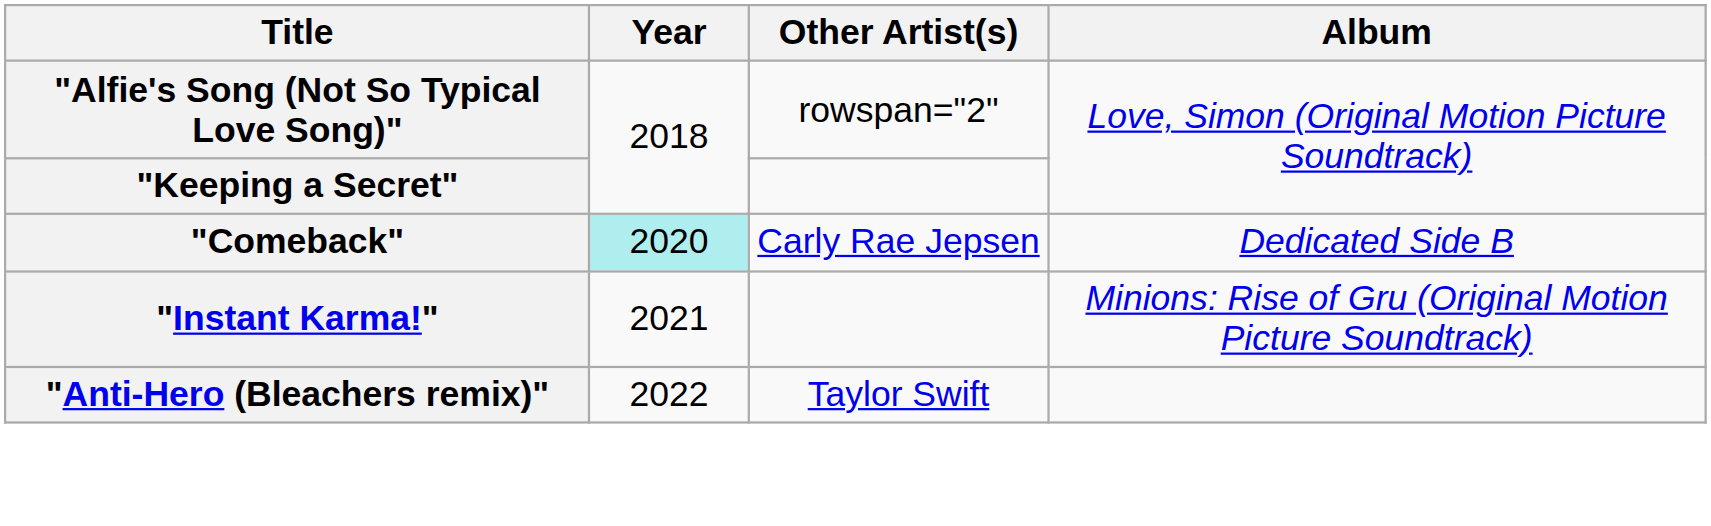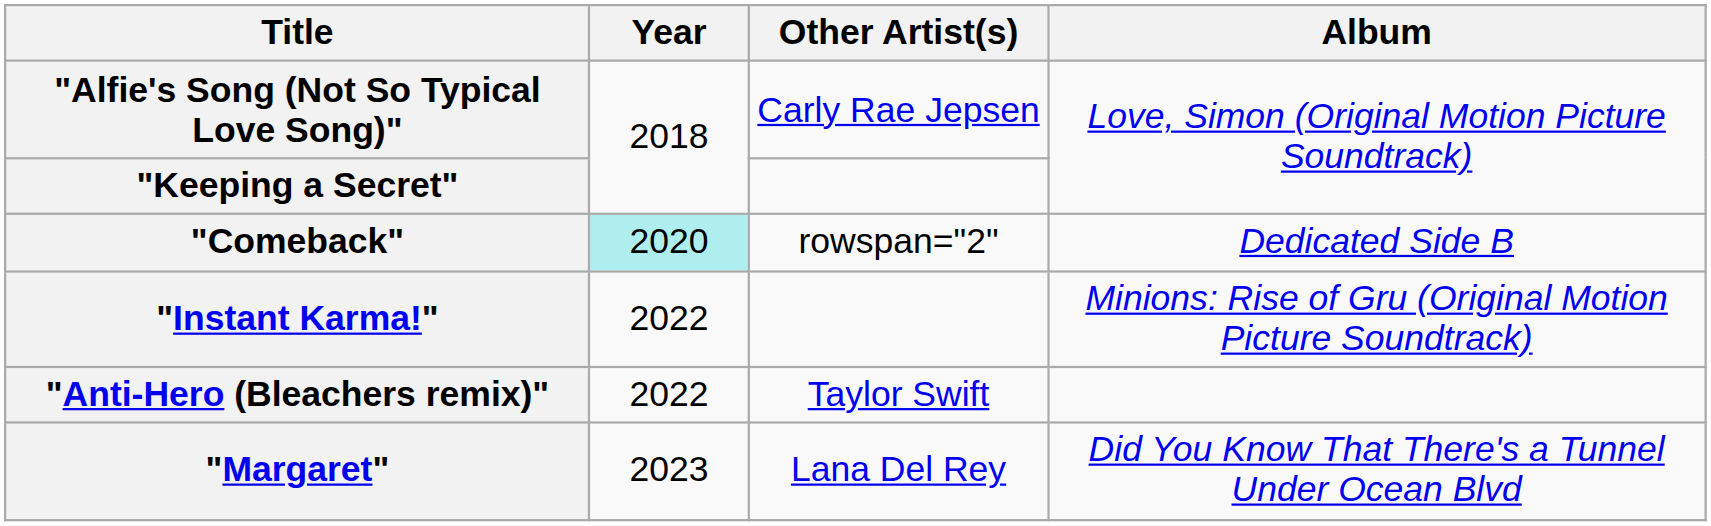 <table class="wikitable plainrowheaders" style="text-align:center;" border="1">
 <tr>
 <th scope="col"  style="width:16em;">Title</th>
 <th scope="col" style="width:4em;">Year</th>
 <th scope="col" style="width:8em;">Other Artist(s)</th>
 <th scope="col" style="width:18em;">Album</th>
 </tr>
 <tr>
 <th scope="row">"Alfie's Song (Not So Typical Love Song)"</th>
 <td rowspan="2">2018</td>
-<td>rowspan="2" </td>
+<td><a href='#'>Carly Rae Jepsen</a></td>
 <td rowspan="2"><em><a href='#'>Love, Simon (Original Motion Picture Soundtrack)</a></em></td>
 </tr>
 <tr>
 <th scope="row">"Keeping a Secret"</th>
 </tr>
 <tr>
 <th scope="row">"Comeback"</th>
 <td style="background: paleturquoise;">2020</td>
-<td><a href='#'>Carly Rae Jepsen</a></td>
+<td>rowspan="2" </td>
 <td><em><a href='#'>Dedicated Side B</a></em></td>
 </tr>
 <tr>
 <th scope="row">"<a href='#'>Instant Karma!</a>"</th>
-<td>2021</td>
+<td>2022</td>
 <td></td>
 <td><em><a href='#'>Minions: Rise of Gru (Original Motion Picture Soundtrack)</a></em></td>
 </tr>
 <tr>
 <th scope="row">"<a href='#'>Anti-Hero</a> (Bleachers remix)"</th>
 <td>2022</td>
 <td><a href='#'>Taylor Swift</a></td>
 <td></td>
 </tr>
+<tr>
+<th scope="row">"<a href='#'>Margaret</a>"</th>
+<td>2023</td>
+<td><a href='#'>Lana Del Rey</a></td>
+<td><em><a href='#'>Did You Know That There's a Tunnel Under Ocean Blvd</a></em></td>
+</tr>
 </table>
